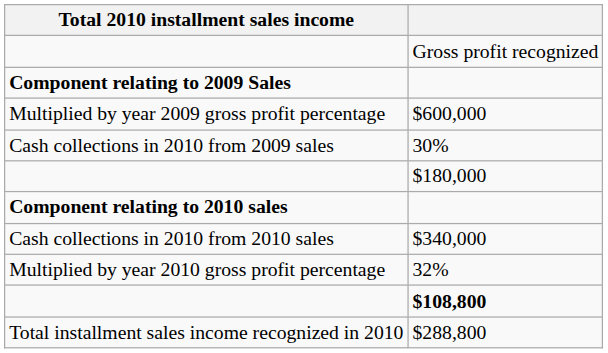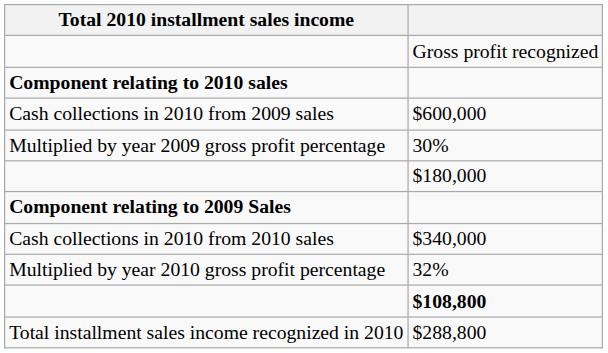 <table class="wikitable">
 <tr>
 <th>Total 2010 installment sales income</th>
 <th></th>
 </tr>
 <tr>
 <td></td>
 <td>Gross profit recognized</td>
 </tr>
 <tr>
-<td><strong>Component relating to 2009 Sales</strong></td>
+<td><strong>Component relating to 2010 sales</strong></td>
 <td></td>
 </tr>
 <tr>
-<td>Multiplied by year 2009 gross profit percentage</td>
+<td>Cash collections in 2010 from 2009 sales</td>
 <td>$600,000</td>
 </tr>
 <tr>
-<td>Cash collections in 2010 from 2009 sales</td>
+<td>Multiplied by year 2009 gross profit percentage</td>
 <td>30%</td>
 </tr>
 <tr>
 <td></td>
 <td>$180,000</td>
 </tr>
 <tr>
-<td><strong>Component relating to 2010 sales</strong></td>
+<td><strong>Component relating to 2009 Sales</strong></td>
 <td></td>
 </tr>
 <tr>
 <td>Cash collections in 2010 from 2010 sales</td>
 <td>$340,000</td>
 </tr>
 <tr>
 <td>Multiplied by year 2010 gross profit percentage</td>
 <td>32%</td>
 </tr>
 <tr>
 <td></td>
 <td><strong>$108,800</strong></td>
 </tr>
 <tr>
 <td>Total installment sales income recognized in 2010</td>
 <td>$288,800</td>
 </tr>
 </table>
